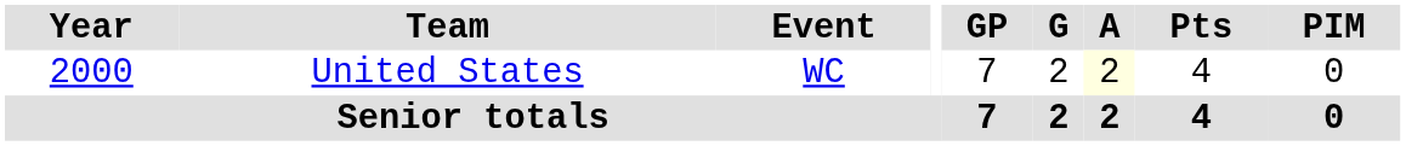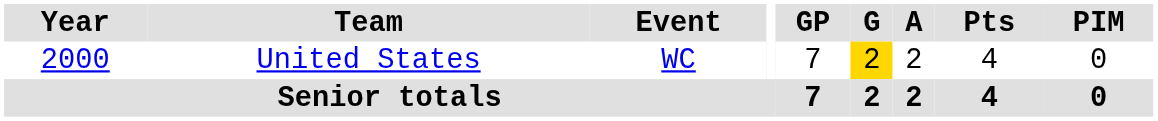 <table border="0" cellpadding="1" cellspacing="0" ID="Table3" style="text-align:center; width:40em">
 <tr bgcolor="#e0e0e0">
 <th>Year</th>
 <th>Team</th>
 <th>Event</th>
 <th rowspan="102" bgcolor="#ffffff"></th>
 <th>GP</th>
 <th>G</th>
 <th>A</th>
 <th>Pts</th>
 <th>PIM</th>
 </tr>
 <tr>
 <td><a href='#'>2000</a></td>
 <td><a href='#'>United States</a></td>
 <td><a href='#'>WC</a></td>
 <td>7</td>
+<td style="background: gold;">2</td>
 <td>2</td>
-<td style="background: lightyellow;">2</td>
 <td>4</td>
 <td>0</td>
 </tr>
 <tr bgcolor="#e0e0e0">
 <th colspan="4">Senior totals</th>
 <th>7</th>
 <th>2</th>
 <th>2</th>
 <th>4</th>
 <th>0</th>
 </tr>
 </table>
